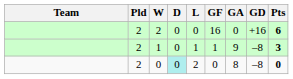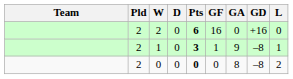 <table class="wikitable" style="text-align: center;">
 <tr>
 <th width="175">Team</th>
 <th width="20">Pld</th>
 <th width="20">W</th>
 <th width="20">D</th>
-<th width="20">L</th>
+<th width="20">Pts</th>
 <th width="20">GF</th>
 <th width="20">GA</th>
 <th width="20">GD</th>
-<th width="20">Pts</th>
+<th width="20">L</th>
 </tr>
 <tr bgcolor=CCFFCC>
 <td align=left></td>
 <td>2</td>
 <td>2</td>
 <td>0</td>
-<td>0</td>
+<td><strong>6</strong></td>
 <td>16</td>
 <td>0</td>
 <td>+16</td>
-<td><strong>6</strong></td>
+<td>0</td>
 </tr>
 <tr bgcolor=CCFFCC>
 <td align=left></td>
 <td>2</td>
 <td>1</td>
 <td>0</td>
-<td>1</td>
+<td><strong>3</strong></td>
 <td>1</td>
 <td>9</td>
 <td>–8</td>
-<td><strong>3</strong></td>
+<td>1</td>
 </tr>
 <tr>
 <td align=left></td>
 <td>2</td>
 <td>0</td>
-<td style="background: paleturquoise;">0</td>
-<td>2</td>
+<td>0</td>
+<td><strong>0</strong></td>
 <td>0</td>
 <td>8</td>
 <td>–8</td>
-<td><strong>0</strong></td>
+<td>2</td>
 </tr>
 </table>
